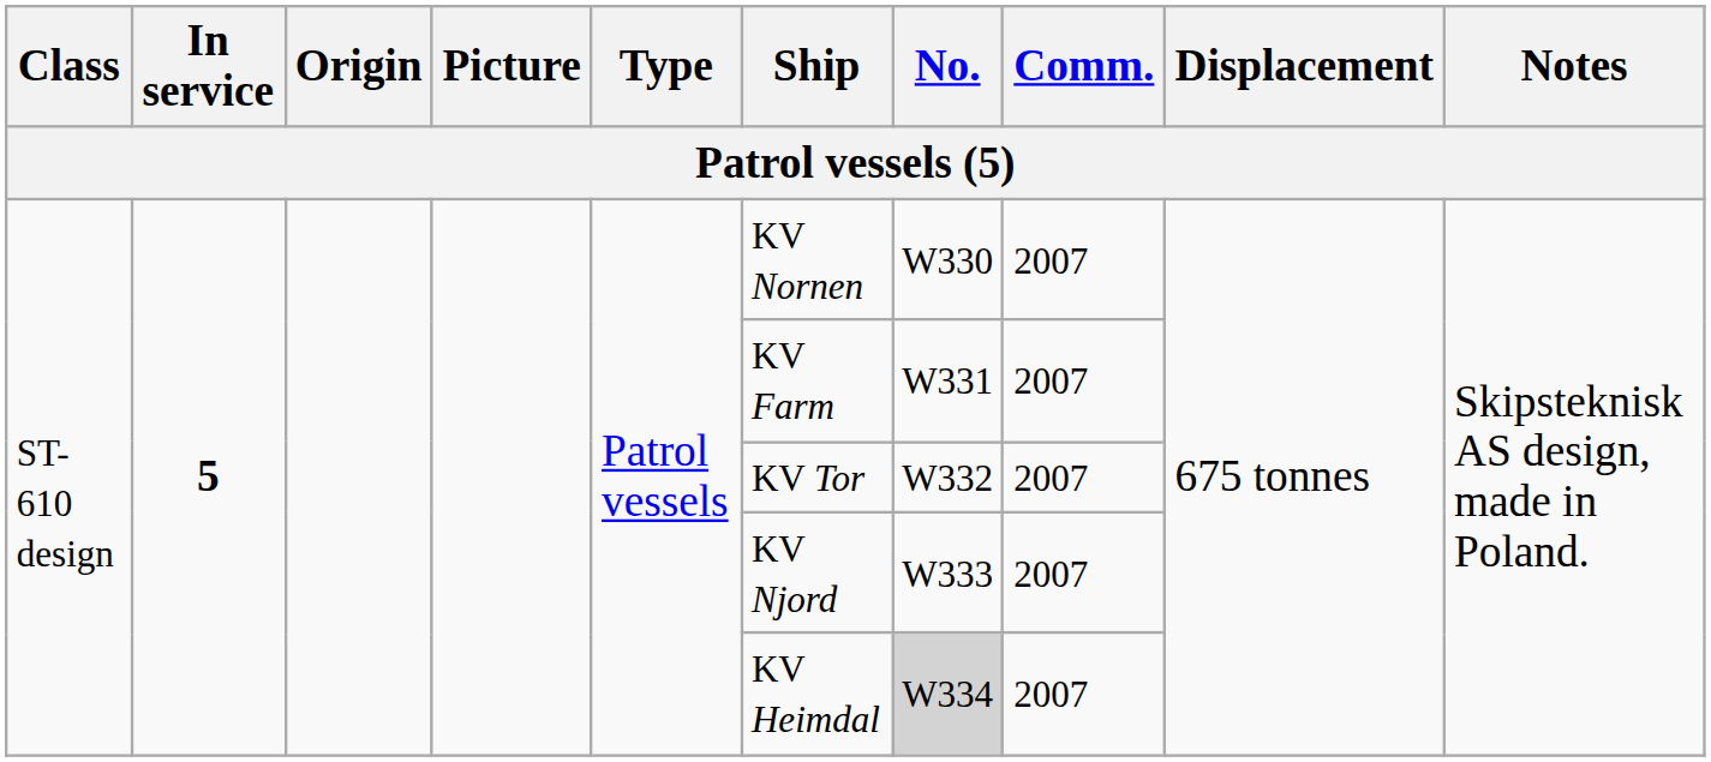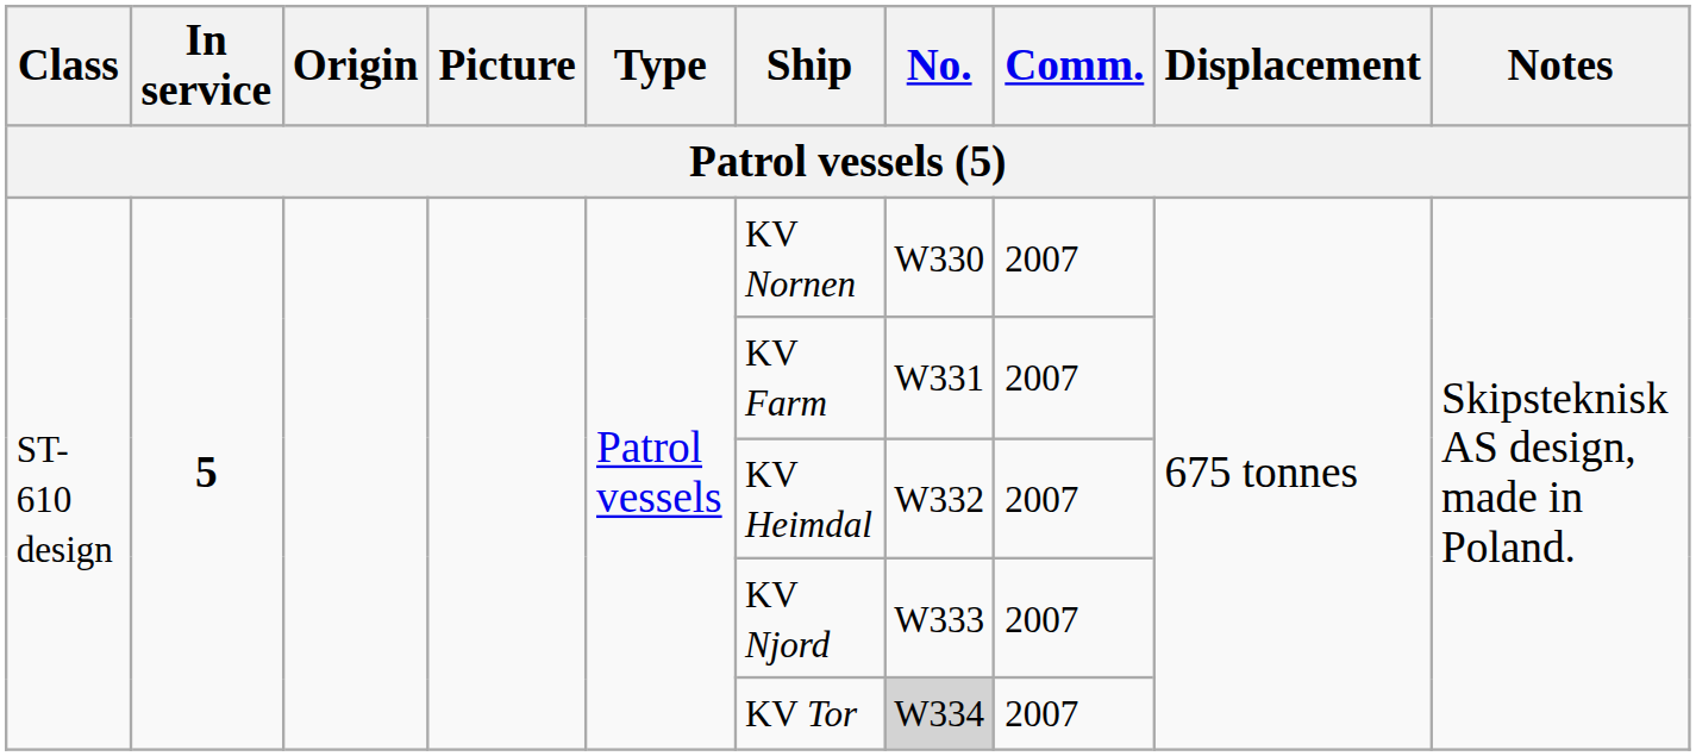 <table class="wikitable">
 <tr>
 <th>Class</th>
 <th>In service</th>
 <th>Origin</th>
 <th>Picture</th>
 <th>Type</th>
 <th>Ship</th>
 <th><a href='#'>No.</a></th>
 <th><a href='#'>Comm.</a></th>
 <th>Displacement</th>
 <th>Notes</th>
 </tr>
 <tr>
 <th colspan="10">Patrol vessels (5)</th>
 </tr>
 <tr>
 <td rowspan="5"><strong></strong><br><small>ST-610 design</small></td>
 <td rowspan="5" style="text-align: center;"><strong>5</strong></td>
 <td rowspan="5"></td>
 <td rowspan="5"></td>
 <td rowspan="5"><a href='#'>Patrol vessels</a></td>
 <td><small>KV <em>Nornen</em></small></td>
 <td><small>W330</small></td>
 <td><small>2007</small></td>
 <td rowspan="5">675 tonnes</td>
 <td rowspan="5">Skipsteknisk AS design, made in Poland.</td>
 </tr>
 <tr>
 <td><small>KV <em>Farm</em></small></td>
 <td><small>W331</small></td>
 <td><small>2007</small></td>
 </tr>
 <tr>
-<td><small>KV <em>Tor</em></small></td>
+<td><small>KV <em>Heimdal</em></small></td>
 <td><small>W332</small></td>
 <td><small>2007</small></td>
 </tr>
 <tr>
 <td><small>KV <em>Njord</em></small></td>
 <td><small>W333</small></td>
 <td><small>2007</small></td>
 </tr>
 <tr>
-<td><small>KV <em>Heimdal</em></small></td>
+<td><small>KV <em>Tor</em></small></td>
 <td style="background: lightgrey;"><small>W334</small></td>
 <td><small>2007</small></td>
 </tr>
 </table>
